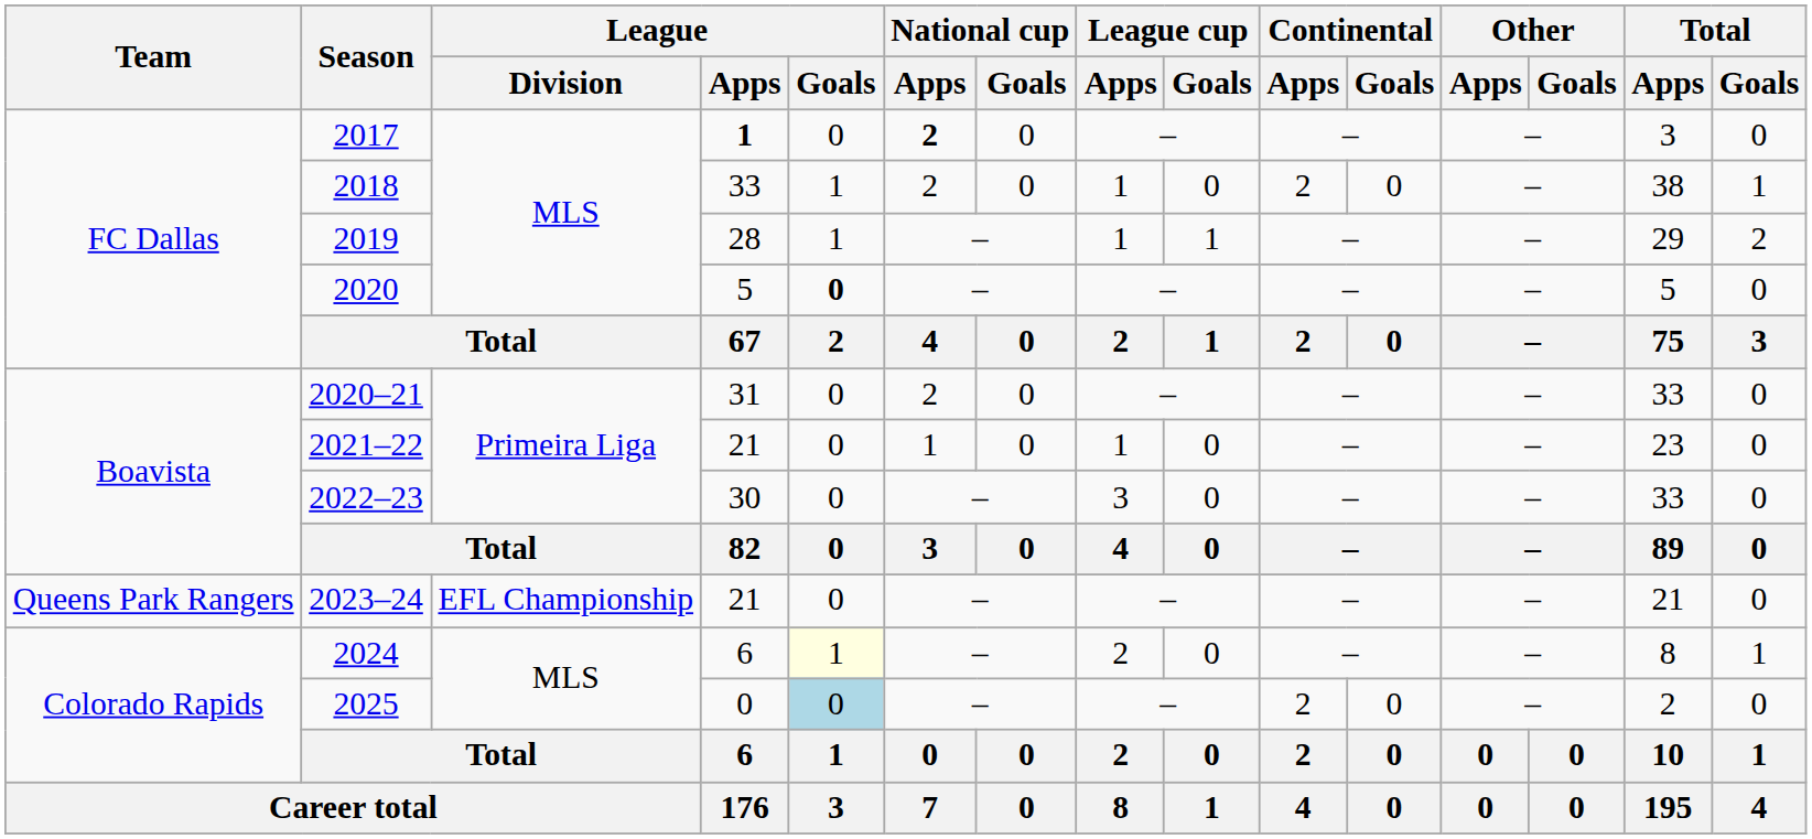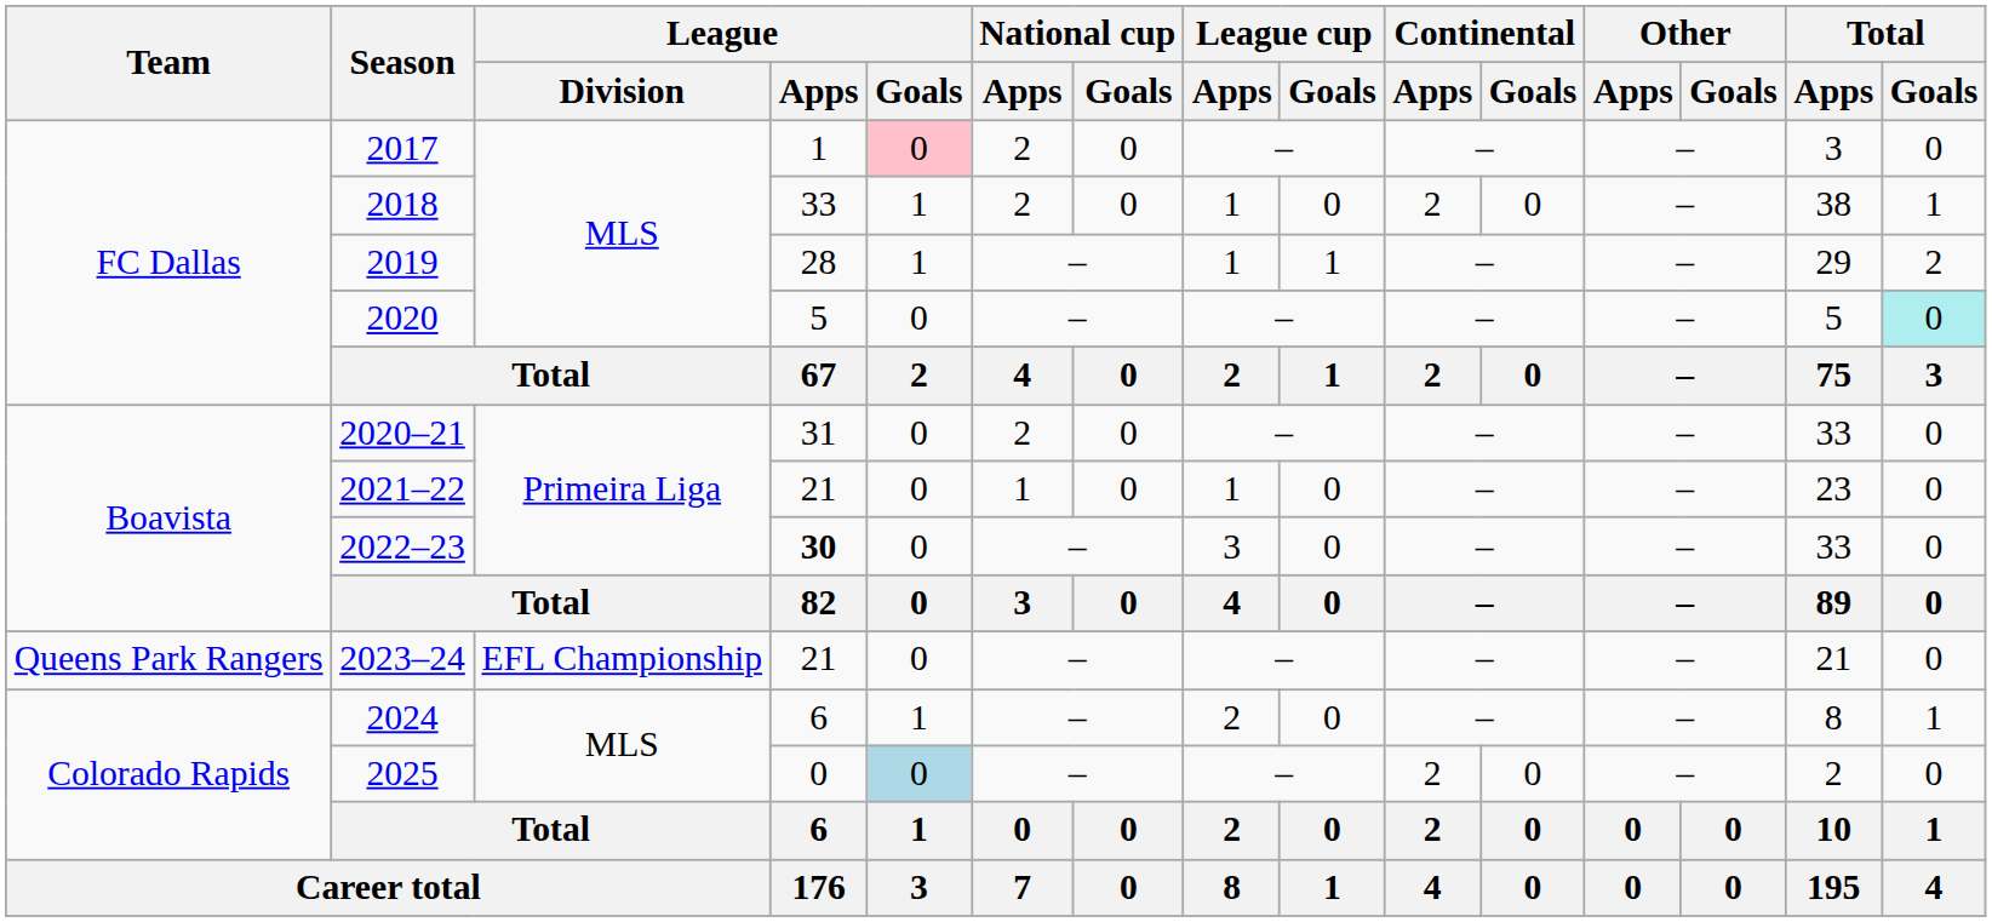 <table class="wikitable" style="text-align:center">
 <tr>
 <th rowspan="2">Team</th>
 <th rowspan="2">Season</th>
 <th colspan="3">League</th>
 <th colspan="2">National cup</th>
 <th colspan="2">League cup</th>
 <th colspan="2">Continental</th>
 <th colspan="2">Other</th>
 <th colspan="2">Total</th>
 </tr>
 <tr>
 <th>Division</th>
 <th>Apps</th>
 <th>Goals</th>
 <th>Apps</th>
 <th>Goals</th>
 <th>Apps</th>
 <th>Goals</th>
 <th>Apps</th>
 <th>Goals</th>
 <th>Apps</th>
 <th>Goals</th>
 <th>Apps</th>
 <th>Goals</th>
 </tr>
 <tr>
 <td rowspan="5"><a href='#'>FC Dallas</a></td>
 <td><a href='#'>2017</a></td>
 <td rowspan="4"><a href='#'>MLS</a></td>
-<td><strong>1</strong></td>
-<td>0</td>
-<td><strong>2</strong></td>
+<td>1</td>
+<td style="background: pink;">0</td>
+<td>2</td>
 <td>0</td>
 <td colspan="2">–</td>
 <td colspan="2">–</td>
 <td colspan="2">–</td>
 <td>3</td>
 <td>0</td>
 </tr>
 <tr>
 <td><a href='#'>2018</a></td>
 <td>33</td>
 <td>1</td>
 <td>2</td>
 <td>0</td>
 <td>1</td>
 <td>0</td>
 <td>2</td>
 <td>0</td>
 <td colspan="2">–</td>
 <td>38</td>
 <td>1</td>
 </tr>
 <tr>
 <td><a href='#'>2019</a></td>
 <td>28</td>
 <td>1</td>
 <td colspan="2">–</td>
 <td>1</td>
 <td>1</td>
 <td colspan="2">–</td>
 <td colspan="2">–</td>
 <td>29</td>
 <td>2</td>
 </tr>
 <tr>
 <td><a href='#'>2020</a></td>
 <td>5</td>
-<td><strong>0</strong></td>
+<td>0</td>
 <td colspan="2">–</td>
 <td colspan="2">–</td>
 <td colspan="2">–</td>
 <td colspan="2">–</td>
 <td>5</td>
-<td>0</td>
+<td style="background: paleturquoise;">0</td>
 </tr>
 <tr>
 <th colspan="2">Total</th>
 <th>67</th>
 <th>2</th>
 <th>4</th>
 <th>0</th>
 <th>2</th>
 <th>1</th>
 <th>2</th>
 <th>0</th>
 <th colspan="2">–</th>
 <th>75</th>
 <th>3</th>
 </tr>
 <tr>
 <td rowspan="4"><a href='#'>Boavista</a></td>
 <td><a href='#'>2020–21</a></td>
 <td rowspan="3"><a href='#'>Primeira Liga</a></td>
 <td>31</td>
 <td>0</td>
 <td>2</td>
 <td>0</td>
 <td colspan="2">–</td>
 <td colspan="2">–</td>
 <td colspan="2">–</td>
 <td>33</td>
 <td>0</td>
 </tr>
 <tr>
 <td><a href='#'>2021–22</a></td>
 <td>21</td>
 <td>0</td>
 <td>1</td>
 <td>0</td>
 <td>1</td>
 <td>0</td>
 <td colspan="2">–</td>
 <td colspan="2">–</td>
 <td>23</td>
 <td>0</td>
 </tr>
 <tr>
 <td><a href='#'>2022–23</a></td>
-<td>30</td>
+<td><strong>30</strong></td>
 <td>0</td>
 <td colspan="2">–</td>
 <td>3</td>
 <td>0</td>
 <td colspan="2">–</td>
 <td colspan="2">–</td>
 <td>33</td>
 <td>0</td>
 </tr>
 <tr>
 <th colspan="2">Total</th>
 <th>82</th>
 <th>0</th>
 <th>3</th>
 <th>0</th>
 <th>4</th>
 <th>0</th>
 <th colspan="2">–</th>
 <th colspan="2">–</th>
 <th>89</th>
 <th>0</th>
 </tr>
 <tr>
 <td><a href='#'>Queens Park Rangers</a></td>
 <td><a href='#'>2023–24</a></td>
 <td><a href='#'>EFL Championship</a></td>
 <td>21</td>
 <td>0</td>
 <td colspan="2">–</td>
 <td colspan="2">–</td>
 <td colspan="2">–</td>
 <td colspan="2">–</td>
 <td>21</td>
 <td>0</td>
 </tr>
 <tr>
 <td rowspan="3"><a href='#'>Colorado Rapids</a></td>
 <td><a href='#'>2024</a></td>
 <td rowspan="2">MLS</td>
 <td>6</td>
-<td style="background: lightyellow;">1</td>
+<td>1</td>
 <td colspan="2">–</td>
 <td>2</td>
 <td>0</td>
 <td colspan="2">–</td>
 <td colspan="2">–</td>
 <td>8</td>
 <td>1</td>
 </tr>
 <tr>
 <td><a href='#'>2025</a></td>
 <td>0</td>
 <td style="background: lightblue;">0</td>
 <td colspan="2">–</td>
 <td colspan="2">–</td>
 <td>2</td>
 <td>0</td>
 <td colspan="2">–</td>
 <td>2</td>
 <td>0</td>
 </tr>
 <tr>
 <th colspan="2">Total</th>
 <th>6</th>
 <th>1</th>
 <th>0</th>
 <th>0</th>
 <th>2</th>
 <th>0</th>
 <th>2</th>
 <th>0</th>
 <th>0</th>
 <th>0</th>
 <th>10</th>
 <th>1</th>
 </tr>
 <tr>
 <th colspan="3">Career total</th>
 <th>176</th>
 <th>3</th>
 <th>7</th>
 <th>0</th>
 <th>8</th>
 <th>1</th>
 <th>4</th>
 <th>0</th>
 <th>0</th>
 <th>0</th>
 <th>195</th>
 <th>4</th>
 </tr>
 </table>
